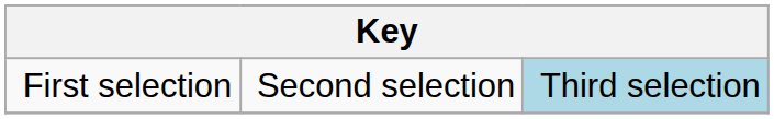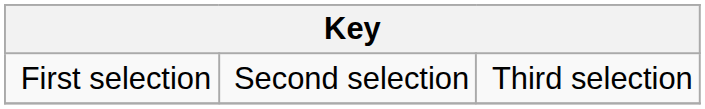 <table class="wikitable">
 <tr>
 <th colspan=3>Key</th>
 </tr>
 <tr>
 <td>  First selection</td>
 <td>  Second selection</td>
-<td style="background: lightblue;">  Third selection</td>
+<td>  Third selection</td>
 </tr>
 <tr>
 </tr>
 </table>
